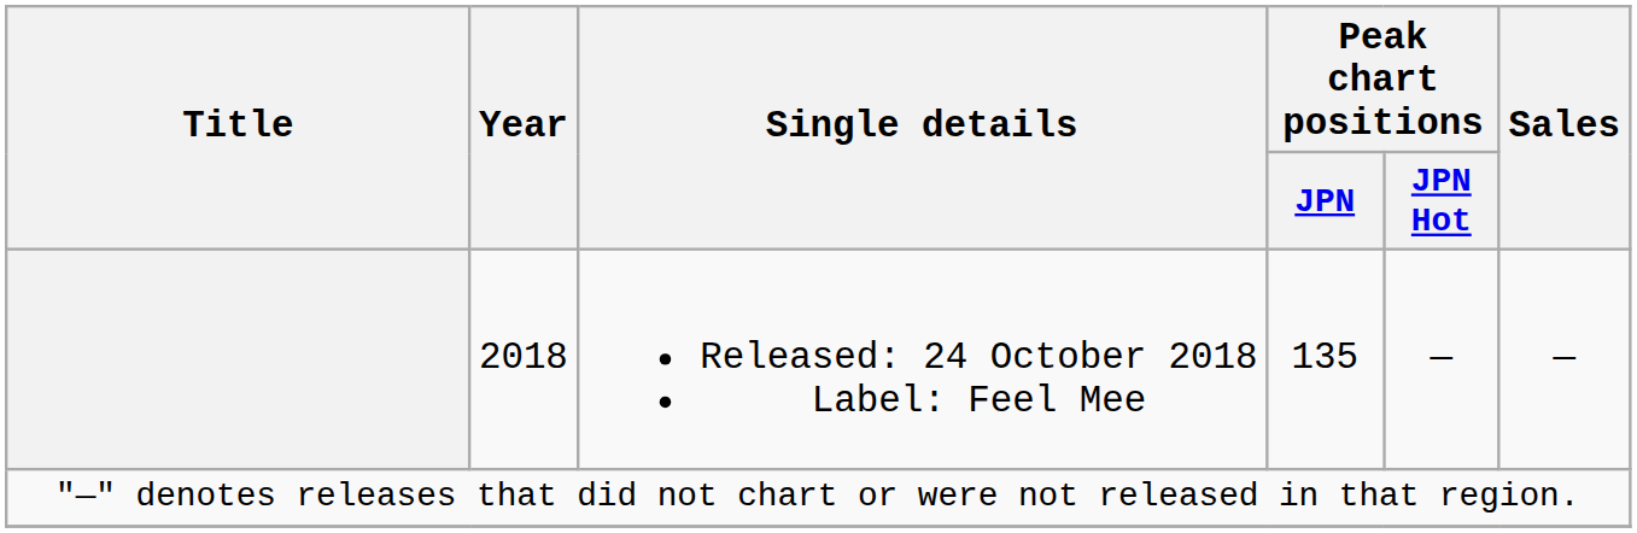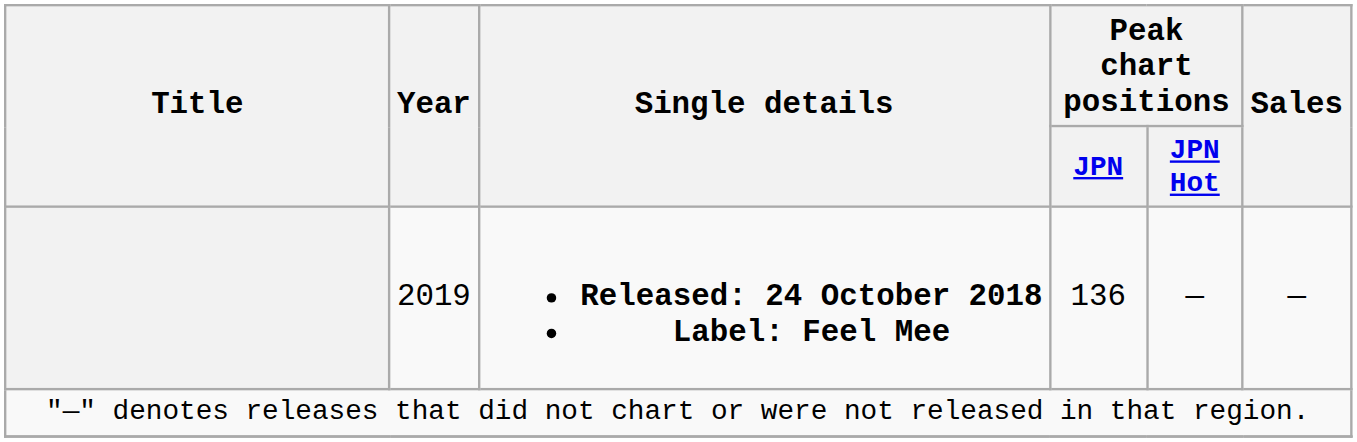 <table class="wikitable plainrowheaders" style="text-align:center;">
 <tr>
 <th scope="col" rowspan="2" style="width:12em;">Title</th>
 <th scope="col" rowspan="2">Year</th>
 <th scope="col" rowspan="2">Single details</th>
 <th scope="col" colspan="2">Peak chart positions</th>
 <th scope="col" rowspan="2">Sales</th>
 </tr>
 <tr>
 <th scope="col" style="width:3em;font-size:90%;"><a href='#'>JPN</a></th>
 <th scope="col" style="width:3em;font-size:90%;"><a href='#'>JPN<br>Hot</a></th>
 </tr>
 <tr>
 <th scope="row"></th>
-<td>2018</td>
-<td><br><ul><li>Released: 24 October 2018</li><li>Label: Feel Mee</li></ul></td>
-<td>135</td>
+<td>2019</td>
+<td><strong><br><ul><li>Released: 24 October 2018</li><li>Label: Feel Mee</li></ul></strong></td>
+<td>136</td>
 <td>—</td>
 <td>—</td>
 </tr>
 <tr>
 <td colspan="6" style="font-size:90%;">"—" denotes releases that did not chart or were not released in that region.</td>
 </tr>
 <tr>
 </tr>
 </table>
